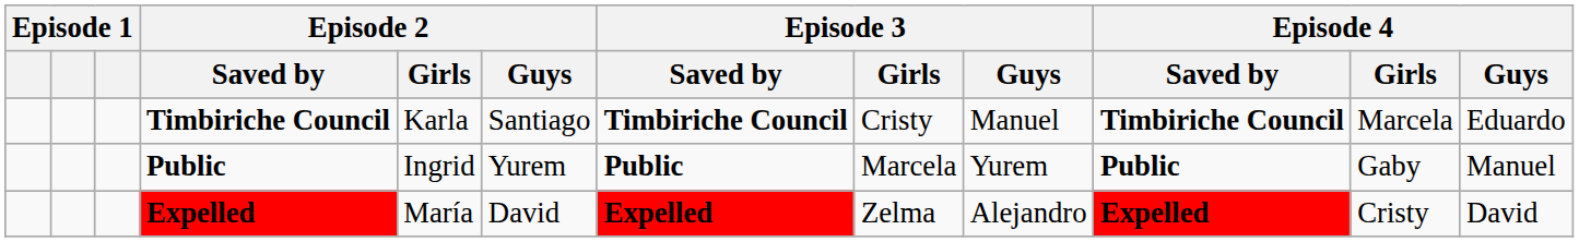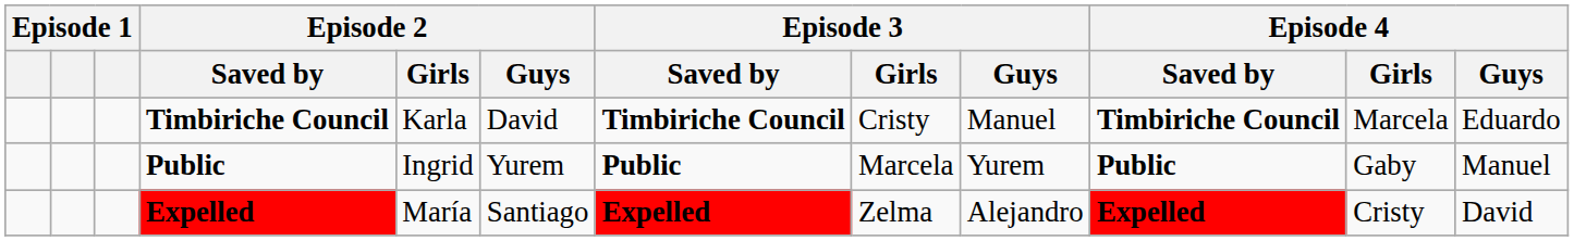 <table class="wikitable">
 <tr>
 <th colspan=3><strong>Episode 1</strong></th>
 <th colspan=3><strong>Episode 2</strong></th>
 <th colspan=3><strong>Episode 3</strong></th>
 <th colspan=3><strong>Episode 4</strong></th>
 </tr>
 <tr>
 <th></th>
 <th></th>
 <th></th>
 <th>Saved by</th>
 <th>Girls</th>
 <th>Guys</th>
 <th>Saved by</th>
 <th>Girls</th>
 <th>Guys</th>
 <th>Saved by</th>
 <th>Girls</th>
 <th>Guys</th>
 </tr>
 <tr>
 <td></td>
 <td></td>
 <td></td>
 <td><strong>Timbiriche Council</strong></td>
 <td>Karla</td>
-<td>Santiago</td>
+<td>David</td>
 <td><strong>Timbiriche Council</strong></td>
 <td>Cristy</td>
 <td>Manuel</td>
 <td><strong>Timbiriche Council</strong></td>
 <td>Marcela</td>
 <td>Eduardo</td>
 </tr>
 <tr>
 <td></td>
 <td></td>
 <td></td>
 <td><strong>Public</strong></td>
 <td>Ingrid</td>
 <td>Yurem</td>
 <td><strong>Public</strong></td>
 <td>Marcela</td>
 <td>Yurem</td>
 <td><strong>Public</strong></td>
 <td>Gaby</td>
 <td>Manuel</td>
 </tr>
 <tr>
 <td></td>
 <td></td>
 <td></td>
 <td style="background:#FF0000"><strong>Expelled</strong></td>
 <td>María</td>
-<td>David</td>
+<td>Santiago</td>
 <td style="background:#FF0000"><strong>Expelled</strong></td>
 <td>Zelma</td>
 <td>Alejandro</td>
 <td style="background:#FF0000"><strong>Expelled</strong></td>
 <td>Cristy</td>
 <td>David</td>
 </tr>
 </table>
